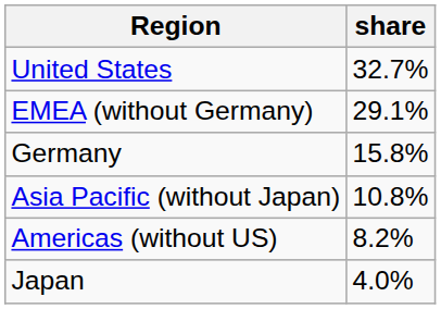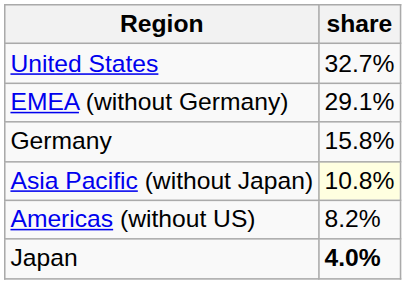 <table class="wikitable floatright">
 <tr>
 <th>Region</th>
 <th>share</th>
 </tr>
 <tr>
 <td><a href='#'>United States</a></td>
 <td>32.7%</td>
 </tr>
 <tr>
 <td><a href='#'>EMEA</a> (without Germany)</td>
 <td>29.1%</td>
 </tr>
 <tr>
 <td>Germany</td>
 <td>15.8%</td>
 </tr>
 <tr>
 <td><a href='#'>Asia Pacific</a> (without Japan)</td>
-<td>10.8%</td>
+<td style="background: lightyellow;">10.8%</td>
 </tr>
 <tr>
 <td><a href='#'>Americas</a> (without US)</td>
 <td>8.2%</td>
 </tr>
 <tr>
 <td>Japan</td>
-<td>4.0%</td>
+<td><strong>4.0%</strong></td>
 </tr>
 </table>
